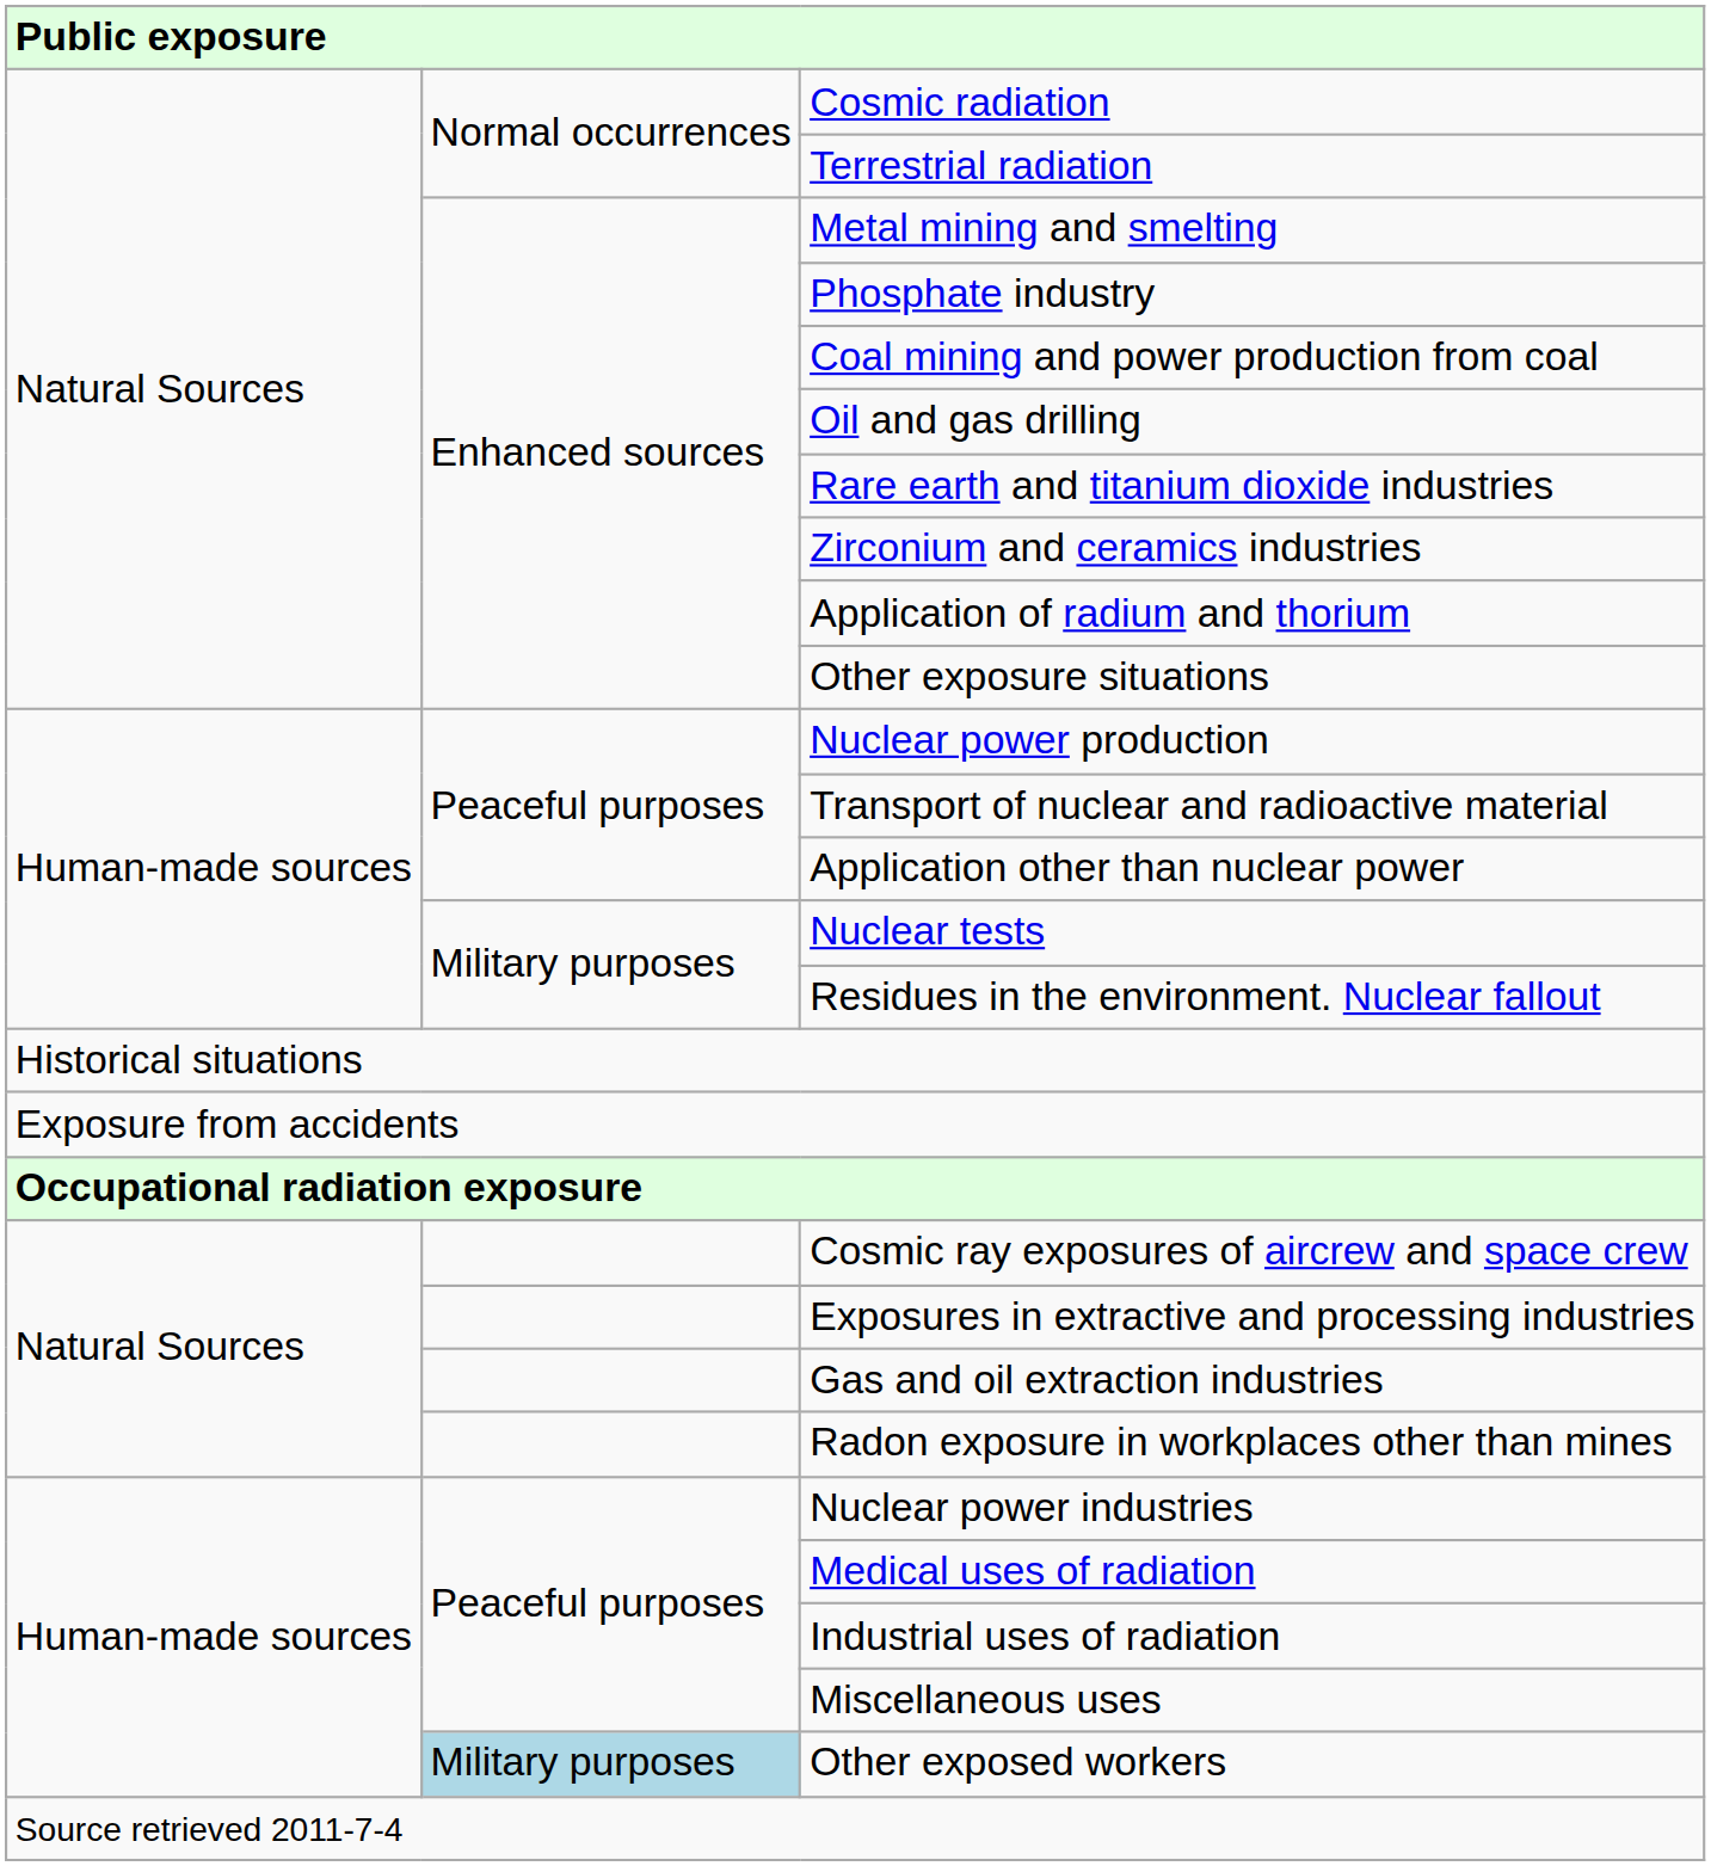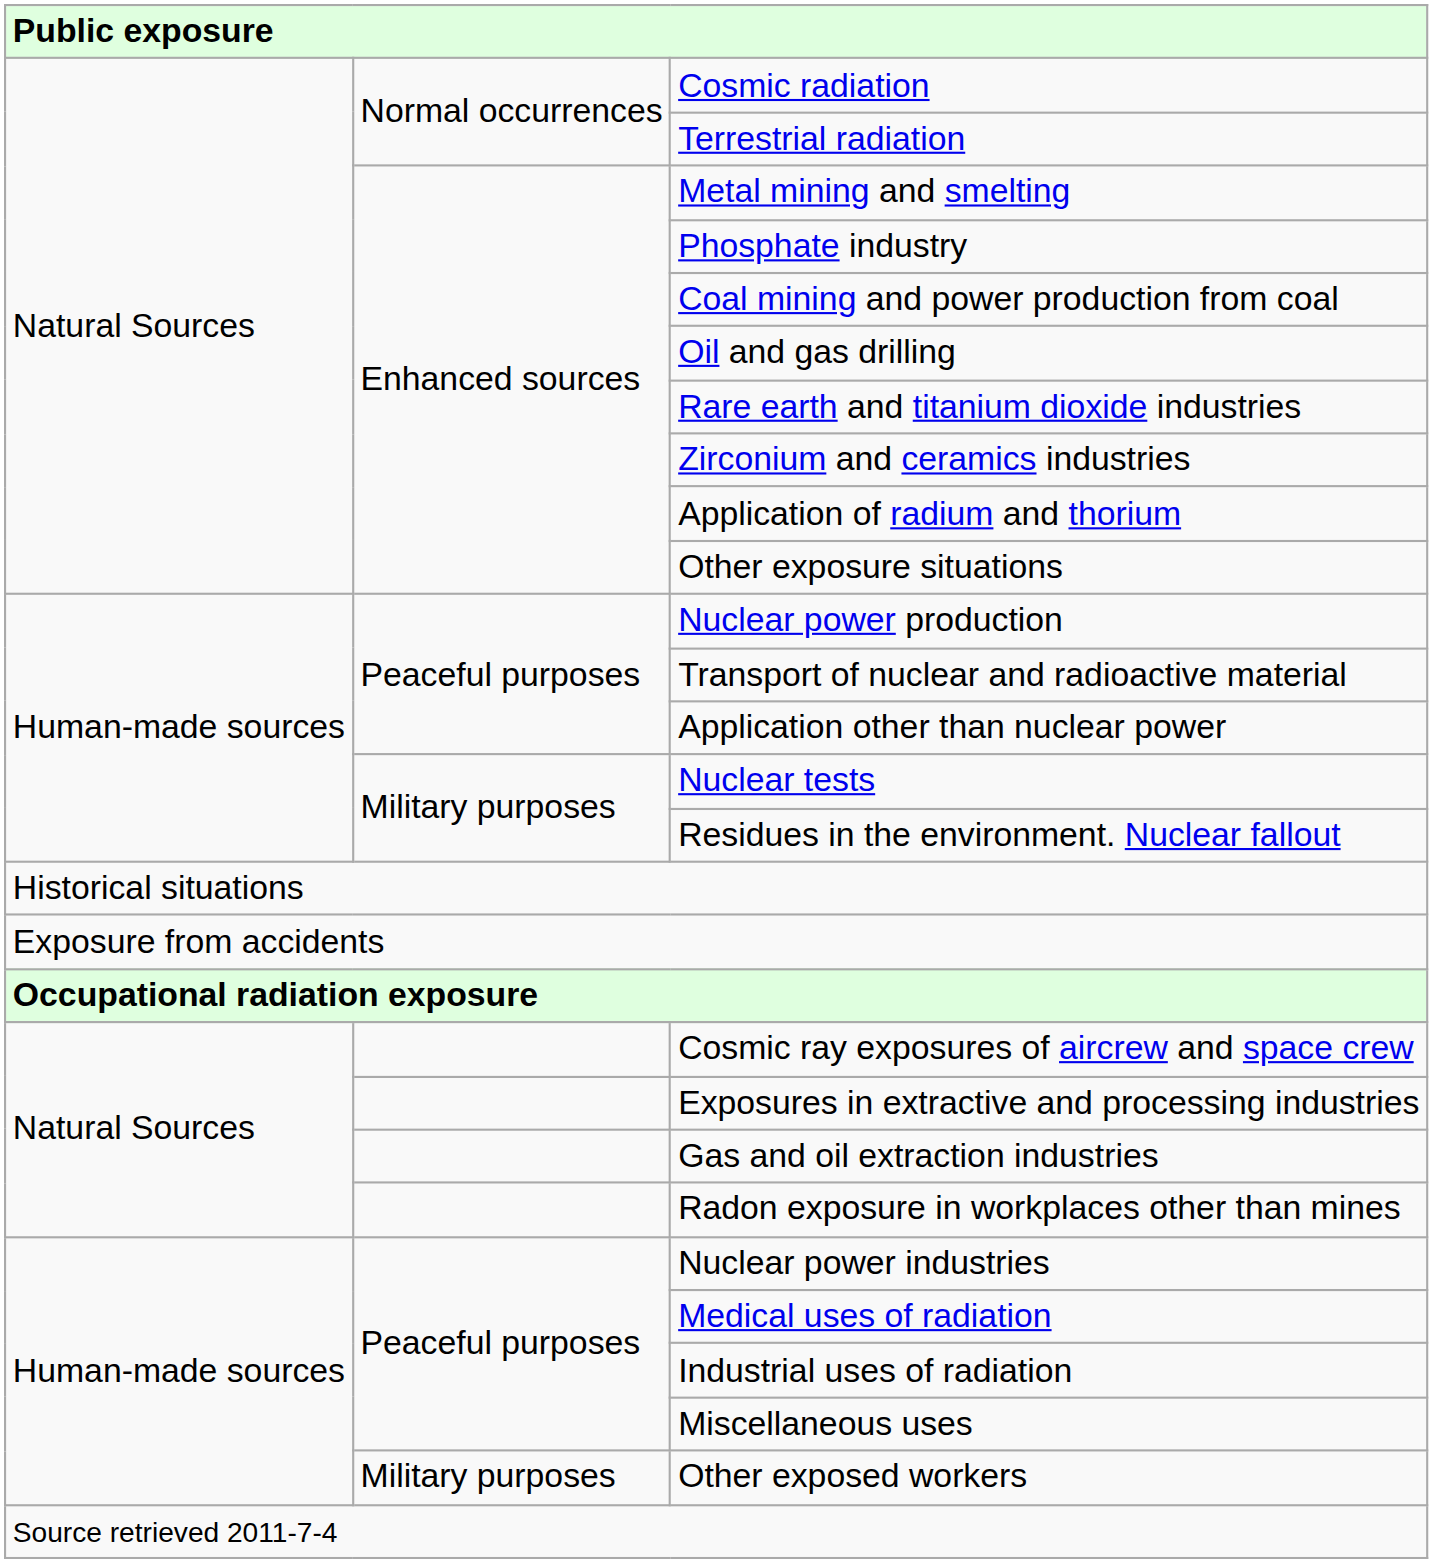 <table class="wikitable">
 <tr>
 <td bgcolor="#dfffdf" colspan="3"><strong>Public exposure</strong></td>
 </tr>
 <tr>
 <td rowspan=10>Natural Sources</td>
 <td rowspan=2>Normal occurrences</td>
 <td><a href='#'>Cosmic radiation</a></td>
 </tr>
 <tr>
 <td><a href='#'>Terrestrial radiation</a></td>
 </tr>
 <tr>
 <td rowspan=8>Enhanced sources</td>
 <td><a href='#'>Metal mining</a> and <a href='#'>smelting</a></td>
 </tr>
 <tr>
 <td><a href='#'>Phosphate</a> industry</td>
 </tr>
 <tr>
 <td><a href='#'>Coal mining</a> and power production from coal</td>
 </tr>
 <tr>
 <td><a href='#'>Oil</a> and gas drilling</td>
 </tr>
 <tr>
 <td><a href='#'>Rare earth</a> and <a href='#'>titanium dioxide</a> industries</td>
 </tr>
 <tr>
 <td><a href='#'>Zirconium</a> and <a href='#'>ceramics</a> industries</td>
 </tr>
 <tr>
 <td>Application of <a href='#'>radium</a> and <a href='#'>thorium</a></td>
 </tr>
 <tr>
 <td>Other exposure situations</td>
 </tr>
 <tr>
 <td rowspan=5>Human-made sources</td>
 <td rowspan=3>Peaceful purposes</td>
 <td><a href='#'>Nuclear power</a> production</td>
 </tr>
 <tr>
 <td>Transport of nuclear and radioactive material</td>
 </tr>
 <tr>
 <td>Application other than nuclear power</td>
 </tr>
 <tr>
 <td rowspan=2>Military purposes</td>
 <td><a href='#'>Nuclear tests</a></td>
 </tr>
 <tr>
 <td>Residues in the environment. <a href='#'>Nuclear fallout</a></td>
 </tr>
 <tr>
 <td colspan=3>Historical situations</td>
 </tr>
 <tr>
 <td colspan=3>Exposure from accidents</td>
 </tr>
 <tr>
 <td bgcolor="#dfffdf" colspan="3"><strong>Occupational radiation exposure</strong></td>
 </tr>
 <tr>
 <td rowspan=4>Natural Sources</td>
 <td></td>
 <td>Cosmic ray exposures of <a href='#'>aircrew</a> and <a href='#'>space crew</a></td>
 </tr>
 <tr>
 <td></td>
 <td>Exposures in extractive and processing industries</td>
 </tr>
 <tr>
 <td></td>
 <td>Gas and oil extraction industries</td>
 </tr>
 <tr>
 <td></td>
 <td>Radon exposure in workplaces other than mines</td>
 </tr>
 <tr>
 <td rowspan=5>Human-made sources</td>
 <td rowspan=4>Peaceful purposes</td>
 <td>Nuclear power industries</td>
 </tr>
 <tr>
 <td><a href='#'>Medical uses of radiation</a></td>
 </tr>
 <tr>
 <td>Industrial uses of radiation</td>
 </tr>
 <tr>
 <td>Miscellaneous uses</td>
 </tr>
 <tr>
-<td style="background: lightblue;">Military purposes</td>
+<td>Military purposes</td>
 <td>Other exposed workers</td>
 </tr>
 <tr>
 <td colspan=3><small>Source  retrieved 2011-7-4</small></td>
 </tr>
 </table>
